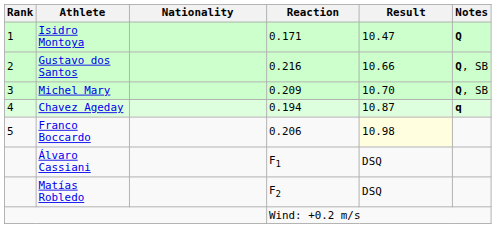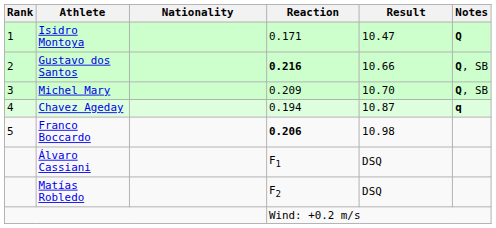 <table class="wikitable" style="font-size:95%" style="width:35em;" style="text-align:center">
 <tr>
 <th>Rank</th>
 <th width=100>Athlete</th>
 <th width=150>Nationality</th>
 <th width=100>Reaction</th>
 <th width=100>Result</th>
 <th>Notes</th>
 </tr>
 <tr bgcolor=ccffcc>
 <td>1</td>
 <td align=left><a href='#'>Isidro Montoya</a></td>
 <td align=left></td>
 <td>0.171</td>
 <td>10.47</td>
 <td><strong>Q</strong></td>
 </tr>
 <tr bgcolor=ccffcc>
 <td>2</td>
 <td align=left><a href='#'>Gustavo dos Santos</a></td>
 <td align=left></td>
-<td>0.216</td>
+<td><strong>0.216</strong></td>
 <td>10.66</td>
 <td><strong>Q</strong>, SB</td>
 </tr>
 <tr bgcolor=ccffcc>
 <td>3</td>
 <td align=left><a href='#'>Michel Mary</a></td>
 <td align=left></td>
 <td>0.209</td>
 <td>10.70</td>
 <td><strong>Q</strong>, SB</td>
 </tr>
 <tr bgcolor=ddffdd>
 <td>4</td>
 <td align=left><a href='#'>Chavez Ageday</a></td>
 <td align=left></td>
 <td>0.194</td>
 <td>10.87</td>
 <td><strong>q</strong></td>
 </tr>
 <tr>
 <td>5</td>
 <td align=left><a href='#'>Franco Boccardo</a></td>
 <td align=left></td>
-<td>0.206</td>
-<td style="background: lightyellow;">10.98</td>
+<td><strong>0.206</strong></td>
+<td>10.98</td>
 <td></td>
 </tr>
 <tr>
 <td></td>
 <td align=left><a href='#'>Álvaro Cassiani</a></td>
 <td align=left></td>
 <td>F<sub>1</sub></td>
 <td>DSQ</td>
 <td></td>
 </tr>
 <tr>
 <td></td>
 <td align=left><a href='#'>Matías Robledo</a></td>
 <td align=left></td>
 <td>F<sub>2</sub></td>
 <td>DSQ</td>
 <td></td>
 </tr>
 <tr class="sortbottom">
 <td colspan=3></td>
 <td colspan="3" style="text-align:left;">Wind: +0.2 m/s</td>
 </tr>
 </table>
